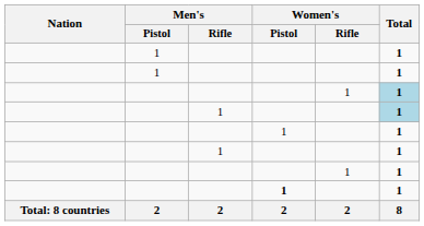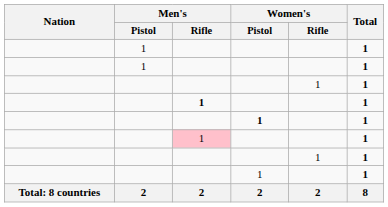 <table class="wikitable" width=500 style="text-align:center; font-size:90%">
 <tr>
 <th rowspan="2" align="left">Nation</th>
 <th colspan="2">Men's</th>
 <th colspan="2">Women's</th>
 <th rowspan="2">Total</th>
 </tr>
 <tr style="font-size:95%">
 <th width=70>Pistol</th>
 <th width=70>Rifle</th>
 <th width=70>Pistol</th>
 <th width=70>Rifle</th>
 </tr>
 <tr>
 <td align=left></td>
 <td>1</td>
 <td></td>
 <td></td>
 <td></td>
 <td><strong>1</strong></td>
 </tr>
 <tr>
 <td align=left></td>
 <td>1</td>
 <td></td>
 <td></td>
 <td></td>
 <td><strong>1</strong></td>
 </tr>
 <tr>
 <td align=left></td>
 <td></td>
 <td></td>
 <td></td>
 <td>1</td>
-<td style="background: lightblue;"><strong>1</strong></td>
+<td><strong>1</strong></td>
 </tr>
 <tr>
 <td align=left></td>
 <td></td>
-<td>1</td>
+<td><strong>1</strong></td>
 <td></td>
-<td></td>
-<td style="background: lightblue;"><strong>1</strong></td>
-</tr>
-<tr>
-<td align=left></td>
-<td></td>
-<td></td>
-<td>1</td>
 <td></td>
 <td><strong>1</strong></td>
 </tr>
 <tr>
 <td align=left></td>
 <td></td>
-<td>1</td>
+<td></td>
+<td><strong>1</strong></td>
+<td></td>
+<td><strong>1</strong></td>
+</tr>
+<tr>
+<td align=left></td>
+<td></td>
+<td style="background: pink;">1</td>
 <td></td>
 <td></td>
 <td><strong>1</strong></td>
 </tr>
 <tr>
 <td align=left></td>
 <td></td>
 <td></td>
 <td></td>
 <td>1</td>
 <td><strong>1</strong></td>
 </tr>
 <tr>
 <td align=left></td>
 <td></td>
 <td></td>
-<td><strong>1</strong></td>
+<td>1</td>
 <td></td>
 <td><strong>1</strong></td>
 </tr>
 <tr>
 <th>Total: 8 countries</th>
 <th>2</th>
 <th>2</th>
 <th>2</th>
 <th>2</th>
 <th>8</th>
 </tr>
 </table>
